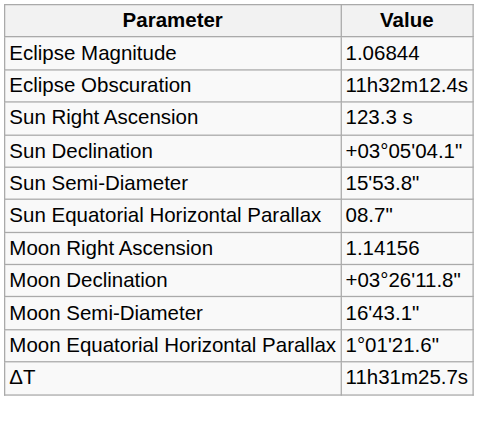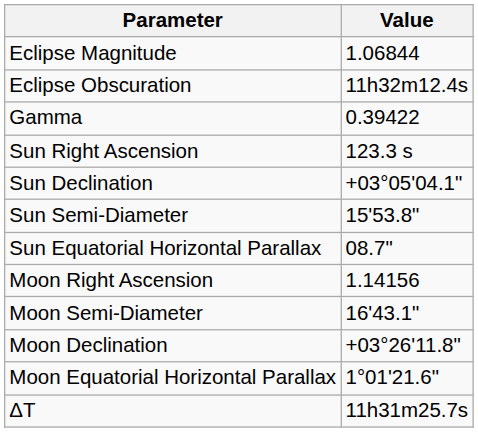 <table class="wikitable">
 <tr>
 <th>Parameter</th>
 <th>Value</th>
 </tr>
 <tr>
 <td>Eclipse Magnitude</td>
 <td>1.06844</td>
 </tr>
 <tr>
 <td>Eclipse Obscuration</td>
 <td>11h32m12.4s</td>
+</tr>
+<tr>
+<td>Gamma</td>
+<td>0.39422</td>
 </tr>
 <tr>
 <td>Sun Right Ascension</td>
 <td>123.3 s</td>
 </tr>
 <tr>
 <td>Sun Declination</td>
 <td>+03°05'04.1"</td>
 </tr>
 <tr>
 <td>Sun Semi-Diameter</td>
 <td>15'53.8"</td>
 </tr>
 <tr>
 <td>Sun Equatorial Horizontal Parallax</td>
 <td>08.7"</td>
 </tr>
 <tr>
 <td>Moon Right Ascension</td>
 <td>1.14156</td>
 </tr>
 <tr>
+<td>Moon Semi-Diameter</td>
+<td>16'43.1"</td>
+</tr>
+<tr>
 <td>Moon Declination</td>
 <td>+03°26'11.8"</td>
-</tr>
-<tr>
-<td>Moon Semi-Diameter</td>
-<td>16'43.1"</td>
 </tr>
 <tr>
 <td>Moon Equatorial Horizontal Parallax</td>
 <td>1°01'21.6"</td>
 </tr>
 <tr>
 <td>ΔT</td>
 <td>11h31m25.7s</td>
 </tr>
 </table>
